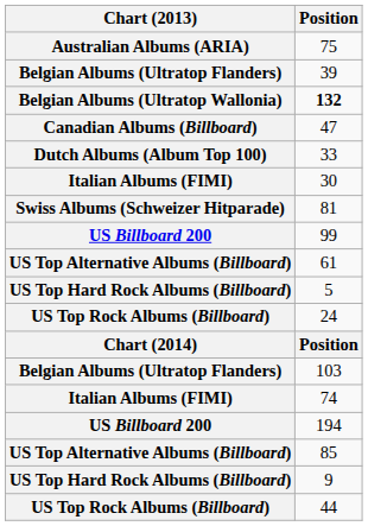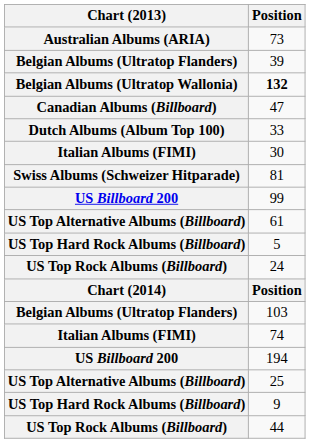 <table class="wikitable sortable plainrowheaders">
 <tr>
 <th scope="col">Chart (2013)</th>
 <th scope="col">Position</th>
 </tr>
 <tr>
 <th scope="row">Australian Albums (ARIA)</th>
-<td style="text-align:center;">75</td>
+<td style="text-align:center;">73</td>
 </tr>
 <tr>
 <th scope="row">Belgian Albums (Ultratop Flanders)</th>
 <td style="text-align:center;">39</td>
 </tr>
 <tr>
 <th scope="row">Belgian Albums (Ultratop Wallonia)</th>
 <td style="text-align:center;"><strong>132</strong></td>
 </tr>
 <tr>
 <th scope="row">Canadian Albums (<em>Billboard</em>)</th>
 <td style="text-align:center;">47</td>
 </tr>
 <tr>
 <th scope="row">Dutch Albums (Album Top 100)</th>
 <td style="text-align:center;">33</td>
 </tr>
 <tr>
 <th scope="row">Italian Albums (FIMI)</th>
 <td style="text-align:center;">30</td>
 </tr>
 <tr>
 <th scope="row">Swiss Albums (Schweizer Hitparade)</th>
 <td style="text-align:center;">81</td>
 </tr>
 <tr>
 <th scope="row"><a href='#'>US <em>Billboard</em> 200</a></th>
 <td style="text-align:center;">99</td>
 </tr>
 <tr>
 <th scope="row">US Top Alternative Albums (<em>Billboard</em>)</th>
 <td style="text-align:center;">61</td>
 </tr>
 <tr>
 <th scope="row">US Top Hard Rock Albums (<em>Billboard</em>)</th>
 <td style="text-align:center;">5</td>
 </tr>
 <tr>
 <th scope="row">US Top Rock Albums (<em>Billboard</em>)</th>
 <td style="text-align:center;">24</td>
 </tr>
 <tr>
 <th scope="col">Chart (2014)</th>
 <th scope="col">Position</th>
 </tr>
 <tr>
 <th scope="row">Belgian Albums (Ultratop Flanders)</th>
 <td style="text-align:center;">103</td>
 </tr>
 <tr>
 <th scope="row">Italian Albums (FIMI)</th>
 <td style="text-align:center;">74</td>
 </tr>
 <tr>
 <th scope="row">US <em>Billboard</em> 200</th>
 <td style="text-align:center;">194</td>
 </tr>
 <tr>
 <th scope="row">US Top Alternative Albums (<em>Billboard</em>)</th>
-<td style="text-align:center;">85</td>
+<td style="text-align:center;">25</td>
 </tr>
 <tr>
 <th scope="row">US Top Hard Rock Albums (<em>Billboard</em>)</th>
 <td style="text-align:center;">9</td>
 </tr>
 <tr>
 <th scope="row">US Top Rock Albums (<em>Billboard</em>)</th>
 <td style="text-align:center;">44</td>
 </tr>
 </table>
